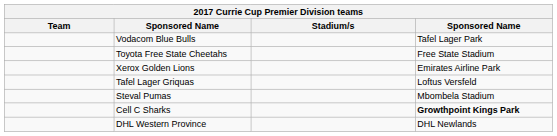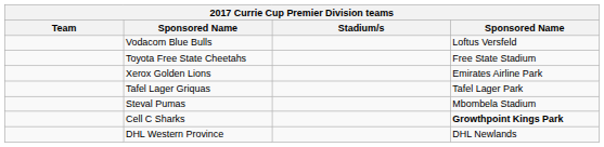 <table class="wikitable collapsible sortable" style="text-align:left; font-size:90%; width:70%;">
 <tr>
 <th colspan="100%" align=center>2017 Currie Cup Premier Division teams</th>
 </tr>
 <tr>
 <th width="20%">Team</th>
 <th width="25%">Sponsored Name</th>
 <th width="30%">Stadium/s</th>
 <th width="25%">Sponsored Name</th>
 </tr>
 <tr>
 <td></td>
 <td>Vodacom Blue Bulls</td>
 <td></td>
-<td>Tafel Lager Park</td>
+<td>Loftus Versfeld</td>
 </tr>
 <tr>
 <td></td>
 <td>Toyota Free State Cheetahs</td>
 <td></td>
 <td>Free State Stadium</td>
 </tr>
 <tr>
 <td></td>
 <td>Xerox Golden Lions</td>
 <td></td>
 <td>Emirates Airline Park</td>
 </tr>
 <tr>
 <td></td>
 <td>Tafel Lager Griquas</td>
 <td></td>
-<td>Loftus Versfeld</td>
+<td>Tafel Lager Park</td>
 </tr>
 <tr>
 <td></td>
 <td>Steval Pumas</td>
 <td></td>
 <td>Mbombela Stadium</td>
 </tr>
 <tr>
 <td></td>
 <td>Cell C Sharks</td>
 <td></td>
 <td><strong>Growthpoint Kings Park</strong></td>
 </tr>
 <tr>
 <td></td>
 <td>DHL Western Province</td>
 <td></td>
 <td>DHL Newlands</td>
 </tr>
 </table>
